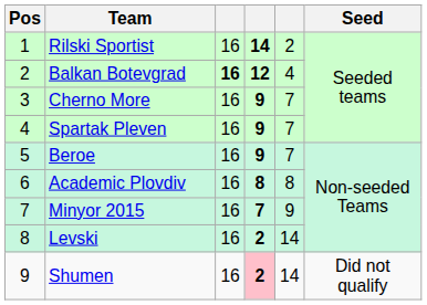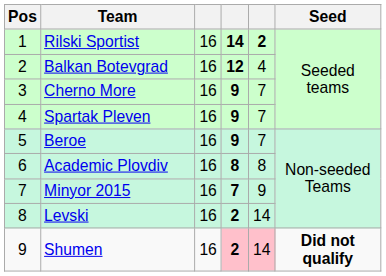 <table class="wikitable" style="text-align: center;">
 <tr>
 <th width="15">Pos</th>
 <th width="150">Team</th>
 <th width="20"></th>
 <th width="20"></th>
 <th width="20"></th>
 <th width="100">Seed</th>
 </tr>
 <tr bgcolor="#cfc">
 <td>1</td>
 <td align="left"><a href='#'>Rilski Sportist</a></td>
 <td>16</td>
 <td><strong>14</strong></td>
-<td>2</td>
+<td><strong>2</strong></td>
 <td rowspan="4">Seeded teams</td>
 </tr>
 <tr bgcolor="#cfc">
 <td>2</td>
 <td align="left"><a href='#'>Balkan Botevgrad</a></td>
-<td><strong>16</strong></td>
+<td>16</td>
 <td><strong>12</strong></td>
 <td>4</td>
 </tr>
 <tr bgcolor="#cfc">
 <td>3</td>
 <td align="left"><a href='#'>Cherno More</a></td>
 <td>16</td>
 <td><strong>9</strong></td>
 <td>7</td>
 </tr>
 <tr bgcolor="#cfc">
 <td>4</td>
 <td align="left"><a href='#'>Spartak Pleven</a></td>
 <td>16</td>
 <td><strong>9</strong></td>
 <td>7</td>
 </tr>
 <tr bgcolor="#c6f7de">
 <td>5</td>
 <td align="left"><a href='#'>Beroe</a></td>
 <td>16</td>
 <td><strong>9</strong></td>
 <td>7</td>
 <td rowspan="4">Non-seeded Teams</td>
 </tr>
 <tr bgcolor="#c6f7de">
 <td>6</td>
 <td align="left"><a href='#'>Academic Plovdiv</a></td>
 <td>16</td>
 <td><strong>8</strong></td>
 <td>8</td>
 </tr>
 <tr bgcolor="#c6f7de">
 <td>7</td>
 <td align="left"><a href='#'>Minyor 2015</a></td>
 <td>16</td>
 <td><strong>7</strong></td>
 <td>9</td>
 </tr>
 <tr bgcolor="#c6f7de">
 <td>8</td>
 <td align="left"><a href='#'>Levski</a></td>
 <td>16</td>
 <td><strong>2</strong></td>
 <td>14</td>
 </tr>
 <tr>
 <td>9</td>
 <td align="left"><a href='#'>Shumen</a></td>
 <td>16</td>
 <td style="background: pink;"><strong>2</strong></td>
-<td>14</td>
-<td rowspan="1">Did not qualify</td>
+<td style="background: pink;">14</td>
+<td rowspan="1"><strong>Did not qualify</strong></td>
 </tr>
 </table>
